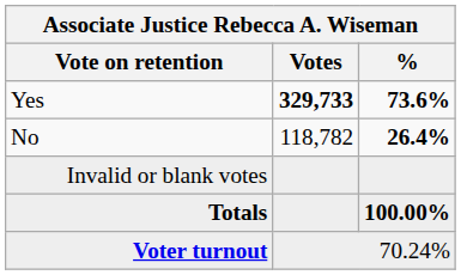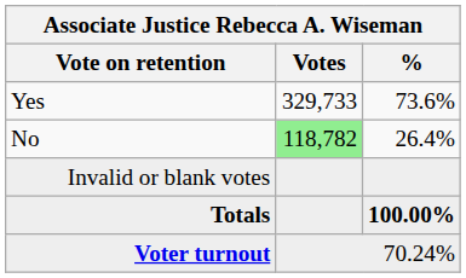 <table class="wikitable" style="font-size: 95%;">
 <tr style="background-color:#E9E9E9">
 <th colspan=7>Associate Justice Rebecca A. Wiseman</th>
 </tr>
 <tr style="background-color:#E9E9E9">
 <th style="width: 170px">Vote on retention</th>
 <th style="width: 50px">Votes</th>
 <th style="width: 40px">%</th>
 </tr>
 <tr>
 <td>Yes</td>
-<td align="right"><strong>329,733</strong></td>
-<td align="right"><strong>73.6%</strong></td>
+<td align="right">329,733</td>
+<td align="right">73.6%</td>
 </tr>
 <tr>
 <td>No</td>
-<td align="right">118,782</td>
-<td align="right"><strong>26.4%</strong></td>
+<td align="right" style="background: lightgreen;">118,782</td>
+<td align="right">26.4%</td>
 </tr>
 <tr bgcolor="#EEEEEE">
 <td align="right">Invalid or blank votes</td>
 <td align="right"></td>
 <td align="right"></td>
 </tr>
 <tr bgcolor="#EEEEEE">
 <td align="right"><strong>Totals</strong></td>
 <td align="right"><strong></strong></td>
 <td align="right"><strong>100.00%</strong></td>
 </tr>
 <tr bgcolor="#EEEEEE">
 <td align="right"><strong><a href='#'>Voter turnout</a></strong></td>
 <td colspan="2" align="right">70.24%</td>
 </tr>
 </table>
